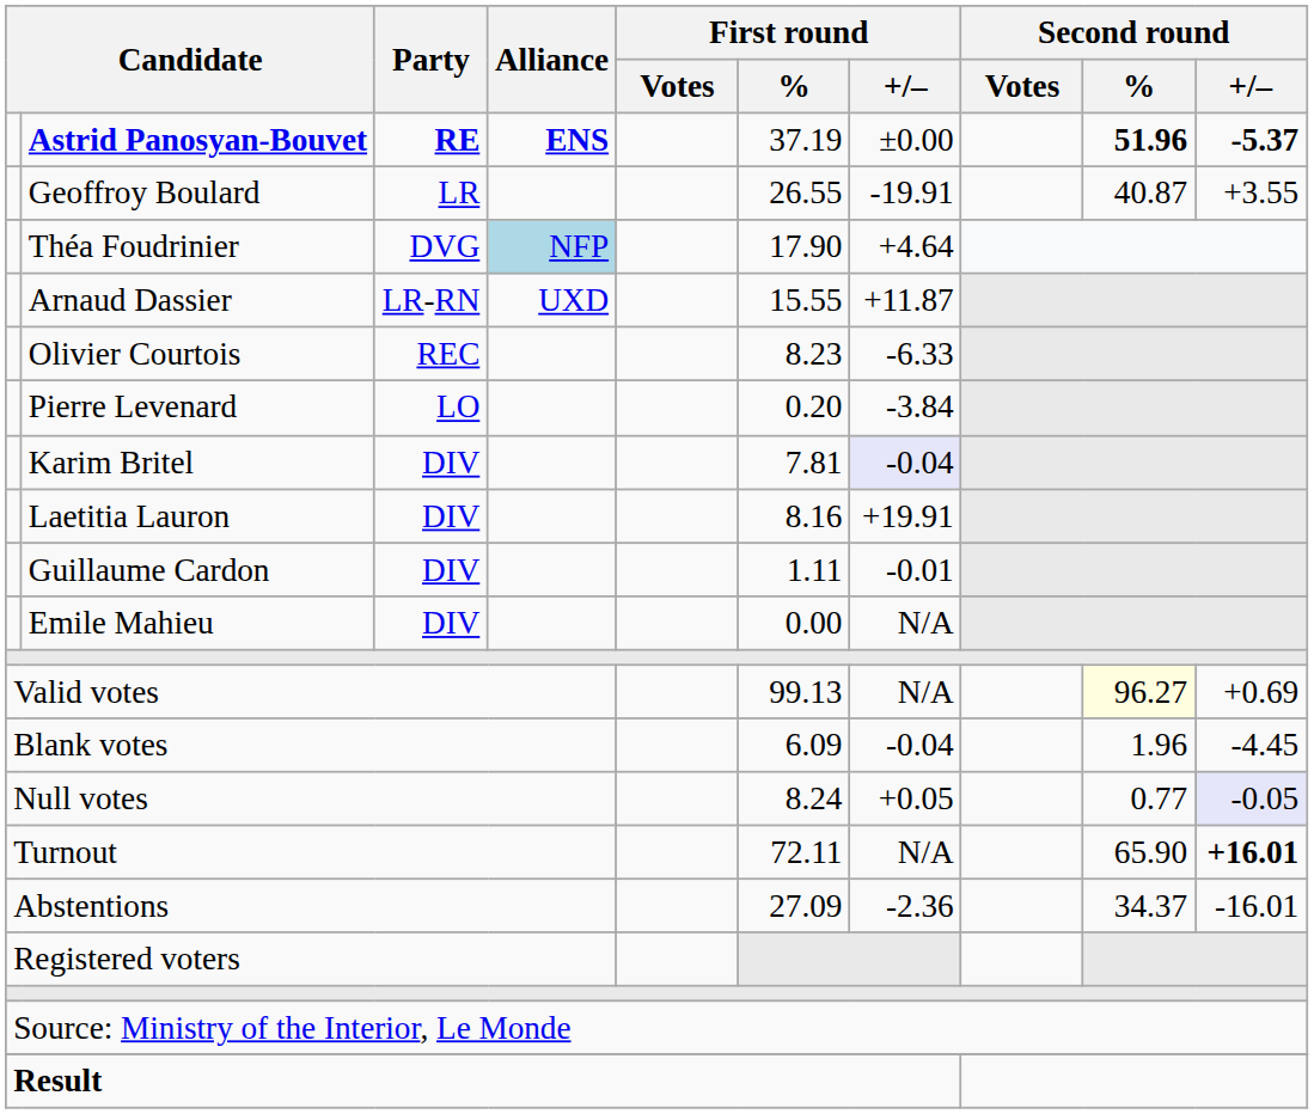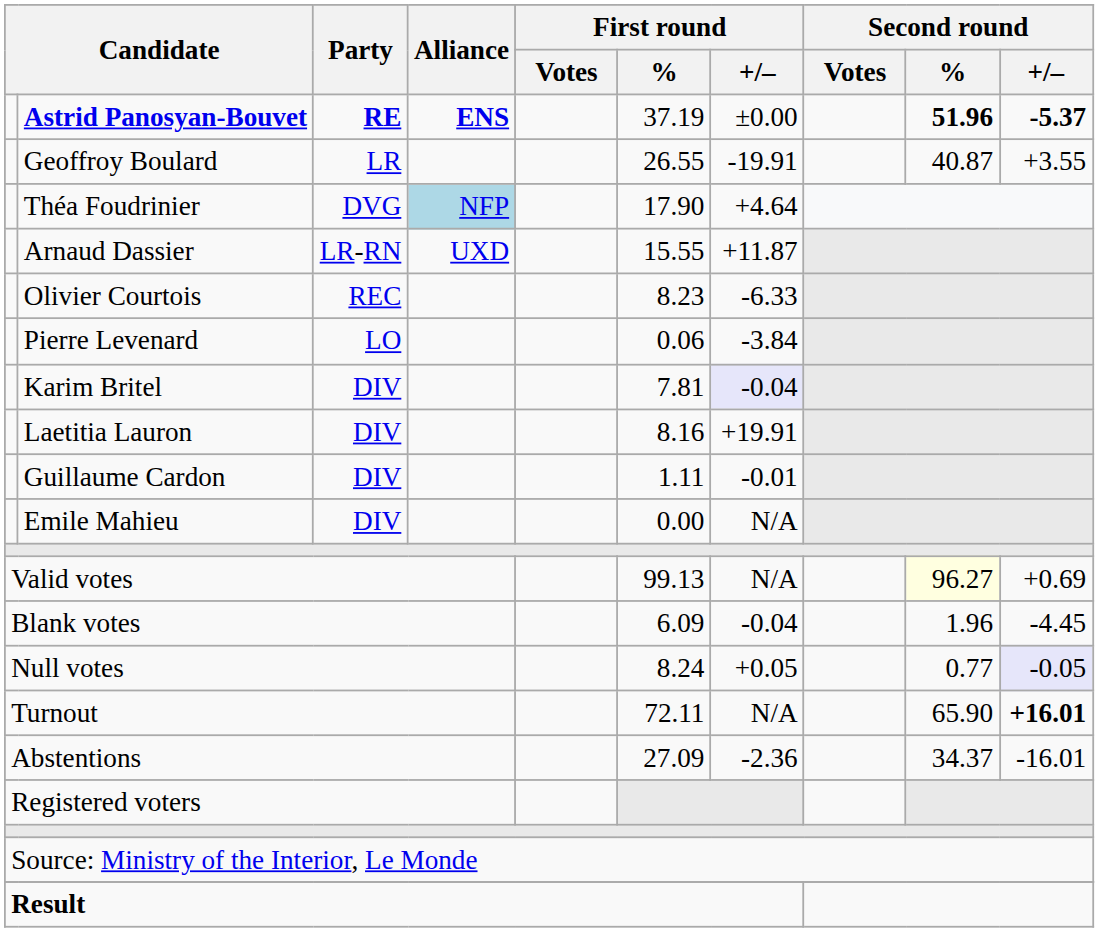 <table class="wikitable" style="text-align:right;font-size:95%;">
 <tr>
 <th rowspan="2" colspan="2">Candidate</th>
 <th rowspan="2">Party</th>
 <th rowspan="2">Alliance</th>
 <th colspan="3">First round</th>
 <th colspan="3">Second round</th>
 </tr>
 <tr>
 <th style="width:50px;">Votes</th>
 <th style="width:45px;">%</th>
 <th style="width:45px;">+/–</th>
 <th style="width:50px;">Votes</th>
 <th style="width:45px;">%</th>
 <th style="width:45px;">+/–</th>
 </tr>
 <tr>
 <td style="color:inherit;background:"></td>
 <td style="text-align:left;"><strong><a href='#'>Astrid Panosyan-Bouvet</a></strong></td>
 <td><a href='#'><strong>RE</strong></a></td>
 <td><a href='#'><strong>ENS</strong></a></td>
 <td></td>
 <td>37.19</td>
 <td>±0.00</td>
 <td><strong></strong></td>
 <td><strong>51.96</strong></td>
 <td><strong>-5.37</strong></td>
 </tr>
 <tr>
 <td style="color:inherit;background:"></td>
 <td style="text-align:left;">Geoffroy Boulard</td>
 <td><a href='#'>LR</a></td>
 <td></td>
 <td></td>
 <td>26.55</td>
 <td>-19.91</td>
 <td></td>
 <td>40.87</td>
 <td>+3.55</td>
 </tr>
 <tr>
 <td style="color:inherit;background:"></td>
 <td style="text-align:left;">Théa Foudrinier</td>
 <td><a href='#'>DVG</a></td>
 <td style="background: lightblue;"><a href='#'>NFP</a></td>
 <td></td>
 <td>17.90</td>
 <td>+4.64</td>
 <td colspan="3" style="background:#F8F9FA;"></td>
 </tr>
 <tr>
 <td style="color:inherit;background:"></td>
 <td style="text-align:left;">Arnaud Dassier</td>
 <td><a href='#'>LR</a>-<a href='#'>RN</a></td>
 <td><a href='#'>UXD</a></td>
 <td></td>
 <td>15.55</td>
 <td>+11.87</td>
 <td colspan="3" style="background:#E9E9E9;"></td>
 </tr>
 <tr>
 <td style="color:inherit;background:"></td>
 <td style="text-align:left;">Olivier Courtois</td>
 <td><a href='#'>REC</a></td>
 <td></td>
 <td></td>
 <td>8.23</td>
 <td>-6.33</td>
 <td colspan="3" style="background:#E9E9E9;"></td>
 </tr>
 <tr>
 <td style="color:inherit;background:"></td>
 <td style="text-align:left;">Pierre Levenard</td>
 <td><a href='#'>LO</a></td>
 <td></td>
 <td></td>
-<td>0.20</td>
+<td>0.06</td>
 <td>-3.84</td>
 <td colspan="3" style="background:#E9E9E9;"></td>
 </tr>
 <tr>
 <td style="color:inherit;background:"></td>
 <td style="text-align:left;">Karim Britel</td>
 <td><a href='#'>DIV</a></td>
 <td></td>
 <td></td>
 <td>7.81</td>
 <td style="background: lavender;">-0.04</td>
 <td colspan="3" style="background:#E9E9E9;"></td>
 </tr>
 <tr>
 <td style="color:inherit;background:"></td>
 <td style="text-align:left;">Laetitia Lauron</td>
 <td><a href='#'>DIV</a></td>
 <td></td>
 <td></td>
 <td>8.16</td>
 <td>+19.91</td>
 <td colspan="3" style="background:#E9E9E9;"></td>
 </tr>
 <tr>
 <td style="color:inherit;background:"></td>
 <td style="text-align:left;">Guillaume Cardon</td>
 <td><a href='#'>DIV</a></td>
 <td></td>
 <td></td>
 <td>1.11</td>
 <td>-0.01</td>
 <td colspan="3" style="background:#E9E9E9;"></td>
 </tr>
 <tr>
 <td style="color:inherit;background:"></td>
 <td style="text-align:left;">Emile Mahieu</td>
 <td><a href='#'>DIV</a></td>
 <td></td>
 <td></td>
 <td>0.00</td>
 <td>N/A</td>
 <td colspan="3" style="background:#E9E9E9;"></td>
 </tr>
 <tr>
 <td colspan="10" style="background:#E9E9E9;"></td>
 </tr>
 <tr>
 <td colspan="4" style="text-align:left;">Valid votes</td>
 <td></td>
 <td>99.13</td>
 <td>N/A</td>
 <td></td>
 <td style="background: lightyellow;">96.27</td>
 <td>+0.69</td>
 </tr>
 <tr>
 <td colspan="4" style="text-align:left;">Blank votes</td>
 <td></td>
 <td>6.09</td>
 <td>-0.04</td>
 <td></td>
 <td>1.96</td>
 <td>-4.45</td>
 </tr>
 <tr>
 <td colspan="4" style="text-align:left;">Null votes</td>
 <td></td>
 <td>8.24</td>
 <td>+0.05</td>
 <td></td>
 <td>0.77</td>
 <td style="background: lavender;">-0.05</td>
 </tr>
 <tr>
 <td colspan="4" style="text-align:left;">Turnout</td>
 <td></td>
 <td>72.11</td>
 <td>N/A</td>
 <td></td>
 <td>65.90</td>
 <td><strong>+16.01</strong></td>
 </tr>
 <tr>
 <td colspan="4" style="text-align:left;">Abstentions</td>
 <td></td>
 <td>27.09</td>
 <td>-2.36</td>
 <td></td>
 <td>34.37</td>
 <td>-16.01</td>
 </tr>
 <tr>
 <td colspan="4" style="text-align:left;">Registered voters</td>
 <td></td>
 <td colspan="2" style="background:#E9E9E9;"></td>
 <td></td>
 <td colspan="2" style="background:#E9E9E9;"></td>
 </tr>
 <tr>
 <td colspan="10" style="background:#E9E9E9;"></td>
 </tr>
 <tr>
 <td colspan="10" style="text-align:left;">Source: <a href='#'>Ministry of the Interior</a>, <a href='#'>Le Monde</a></td>
 </tr>
 <tr>
 </tr>
 <tr style="font-weight:bold">
 <td colspan="7" style="text-align:left;">Result</td>
 <td colspan="7" style="background-color:"></td>
 </tr>
 </table>
